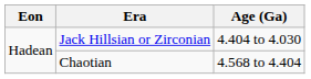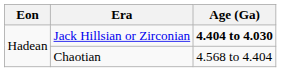 <table class="wikitable">
 <tr>
 <th>Eon</th>
 <th>Era</th>
 <th>Age (Ga)</th>
 </tr>
 <tr>
 <td rowspan="2">Hadean</td>
 <td><a href='#'>Jack Hillsian or Zirconian</a></td>
-<td>4.404 to 4.030</td>
+<td><strong>4.404 to 4.030</strong></td>
 </tr>
 <tr>
 <td>Chaotian</td>
 <td>4.568 to 4.404</td>
 </tr>
 </table>
